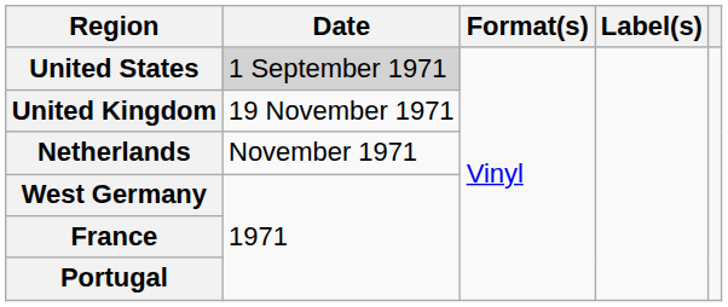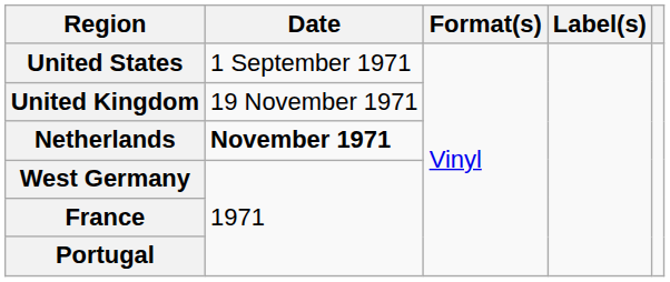 <table class="wikitable plainrowheaders">
 <tr>
 <th scope="col">Region</th>
 <th scope="col">Date</th>
 <th scope="col">Format(s)</th>
 <th scope="col">Label(s)</th>
 <th scope="col"></th>
 </tr>
 <tr>
 <th scope="row" rowspan="1">United States</th>
-<td style="background: lightgrey;">1 September 1971</td>
+<td>1 September 1971</td>
 <td rowspan="6"><a href='#'>Vinyl</a></td>
 <td rowspan="6"></td>
 <td rowspan="6"></td>
 </tr>
 <tr>
 <th scope="row">United Kingdom</th>
 <td>19 November 1971</td>
 </tr>
 <tr>
 <th scope="row">Netherlands</th>
-<td>November 1971</td>
+<td><strong>November 1971</strong></td>
 </tr>
 <tr>
 <th scope="row">West Germany</th>
 <td rowspan="3">1971</td>
 </tr>
 <tr>
 <th scope="row">France</th>
 </tr>
 <tr>
 <th scope="row">Portugal</th>
 </tr>
 </table>
